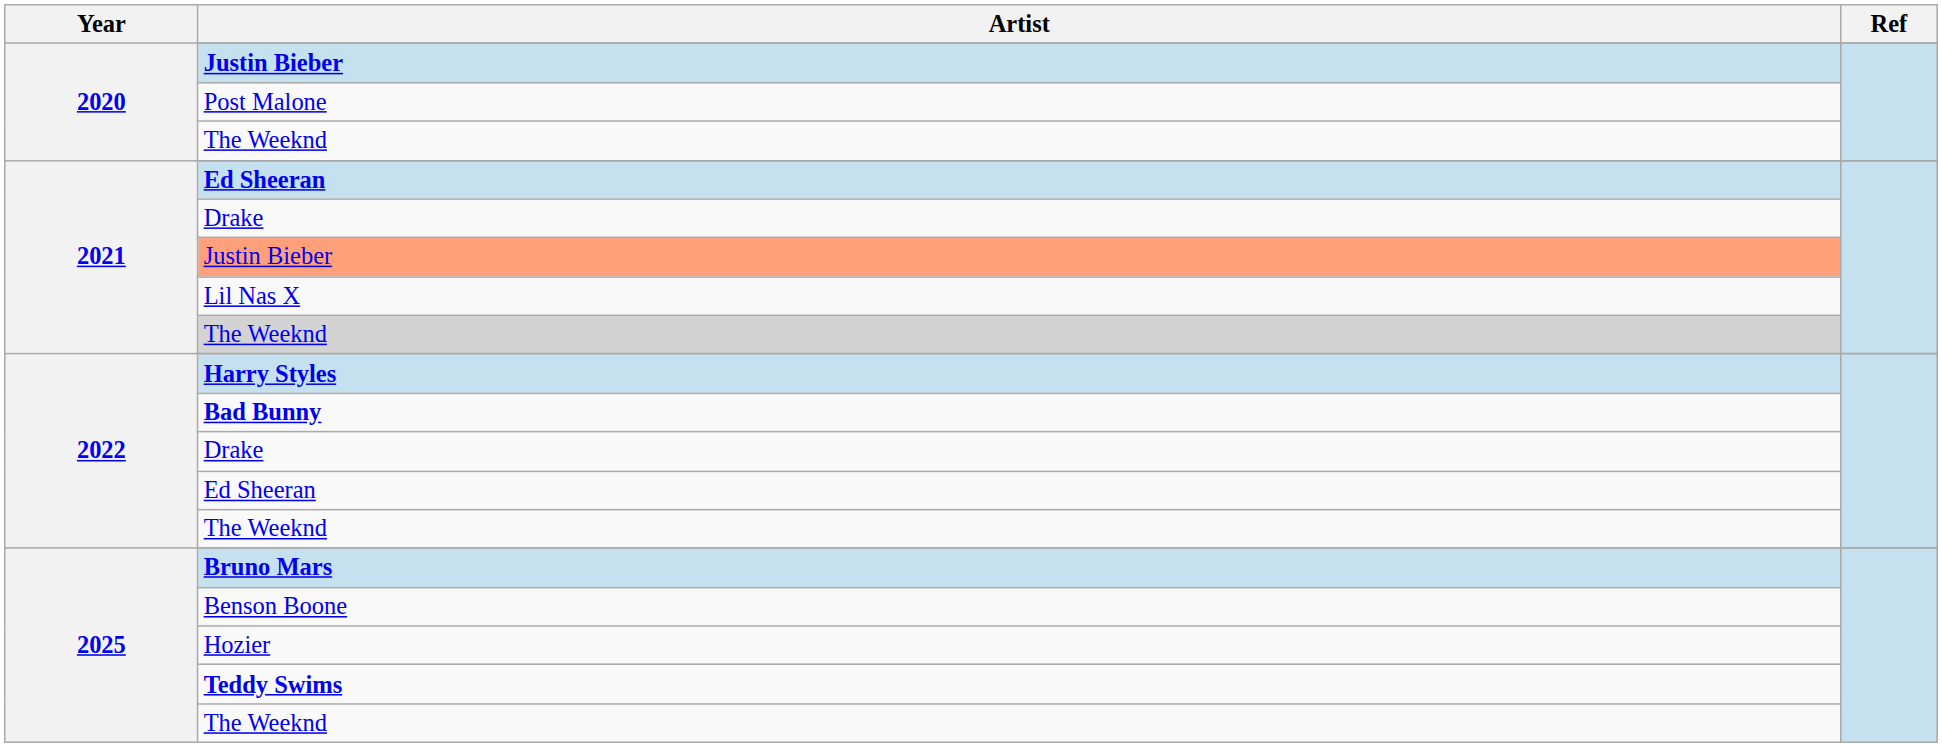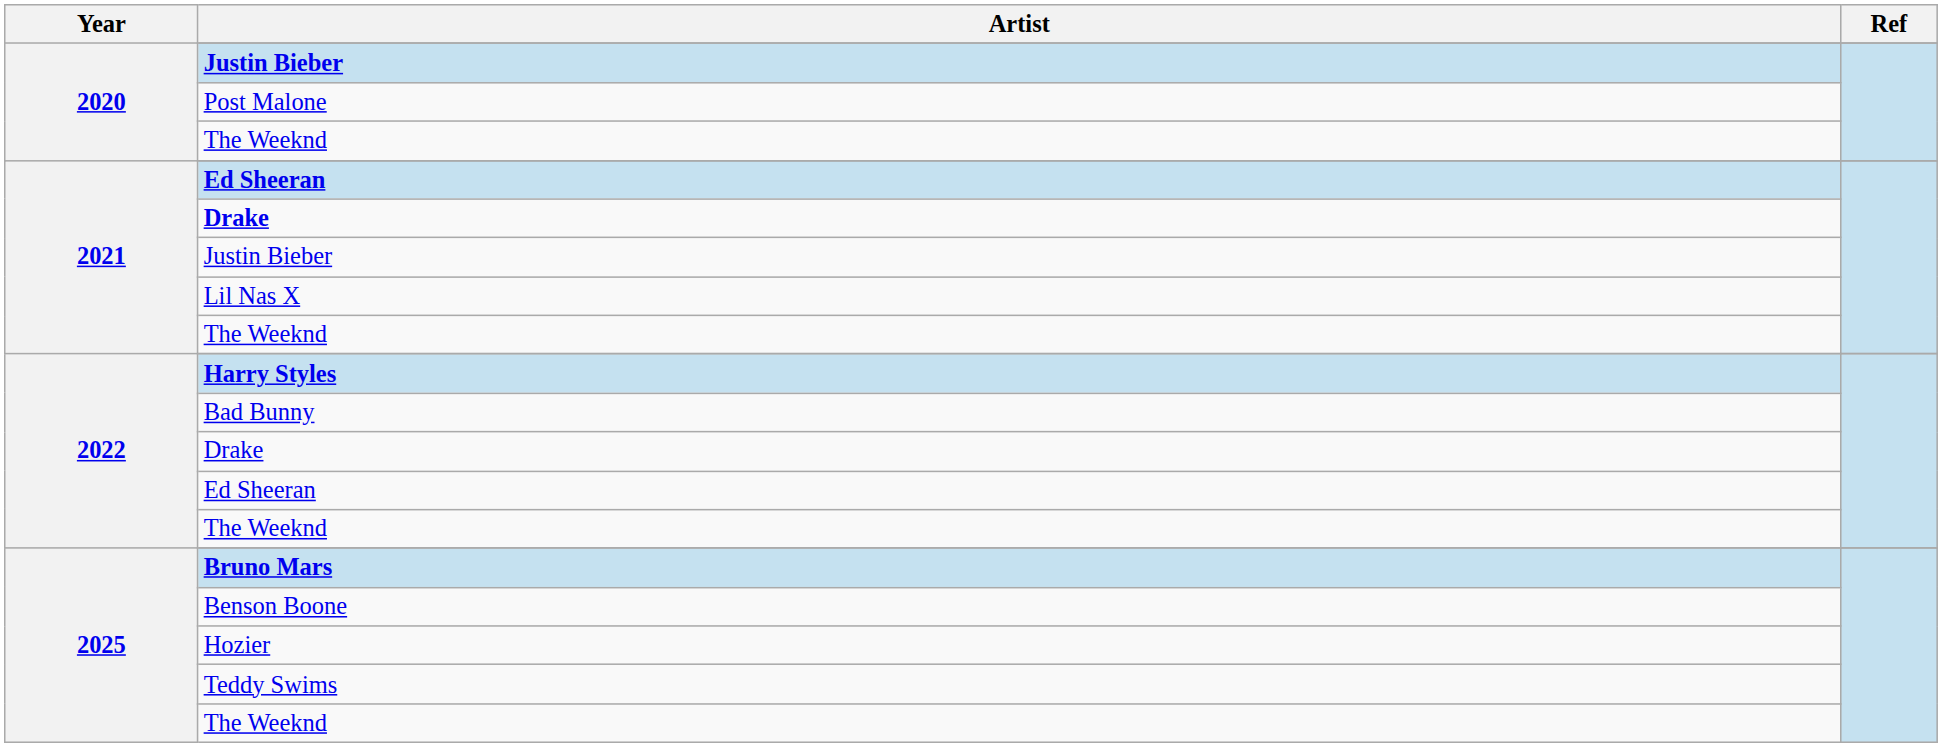 <table class="wikitable" width="100%">
 <tr>
 <th width="10%">Year</th>
 <th width="85%">Artist</th>
 <th width="5%">Ref</th>
 </tr>
 <tr>
 <th rowspan="4" align="center"><a href='#'>2020<br></a></th>
 </tr>
 <tr style="background:#c5e1f0">
 <td><strong><a href='#'>Justin Bieber</a></strong></td>
 <td rowspan=3 align="center"></td>
 </tr>
 <tr>
 <td><a href='#'>Post Malone</a></td>
 </tr>
 <tr>
 <td><a href='#'>The Weeknd</a></td>
 </tr>
 <tr>
 <th rowspan="6" align="center"><a href='#'>2021<br></a></th>
 </tr>
 <tr style="background:#c5e1f0">
 <td><strong><a href='#'>Ed Sheeran</a></strong></td>
 <td rowspan=5 align="center"></td>
 </tr>
 <tr>
-<td><a href='#'>Drake</a></td>
+<td><strong><a href='#'>Drake</a></strong></td>
 </tr>
 <tr>
-<td style="background: lightsalmon;"><a href='#'>Justin Bieber</a></td>
+<td><a href='#'>Justin Bieber</a></td>
 </tr>
 <tr>
 <td><a href='#'>Lil Nas X</a></td>
 </tr>
 <tr>
-<td style="background: lightgrey;"><a href='#'>The Weeknd</a></td>
+<td><a href='#'>The Weeknd</a></td>
 </tr>
 <tr>
 <th rowspan="6" align="center"><a href='#'>2022<br></a></th>
 </tr>
 <tr style="background:#c5e1f0">
 <td><strong><a href='#'>Harry Styles</a></strong></td>
 <td rowspan=5 align="center"></td>
 </tr>
 <tr>
-<td><strong><a href='#'>Bad Bunny</a></strong></td>
+<td><a href='#'>Bad Bunny</a></td>
 </tr>
 <tr>
 <td><a href='#'>Drake</a></td>
 </tr>
 <tr>
 <td><a href='#'>Ed Sheeran</a></td>
 </tr>
 <tr>
 <td><a href='#'>The Weeknd</a></td>
 </tr>
 <tr>
 <th rowspan="6" align="center"><a href='#'>2025<br></a></th>
 </tr>
 <tr style="background:#c5e1f0">
 <td><strong><a href='#'>Bruno Mars</a></strong></td>
 <td rowspan=5 align="center"></td>
 </tr>
 <tr>
 <td><a href='#'>Benson Boone</a></td>
 </tr>
 <tr>
 <td><a href='#'>Hozier</a></td>
 </tr>
 <tr>
-<td><strong><a href='#'>Teddy Swims</a></strong></td>
+<td><a href='#'>Teddy Swims</a></td>
 </tr>
 <tr>
 <td><a href='#'>The Weeknd</a></td>
 </tr>
 </table>
